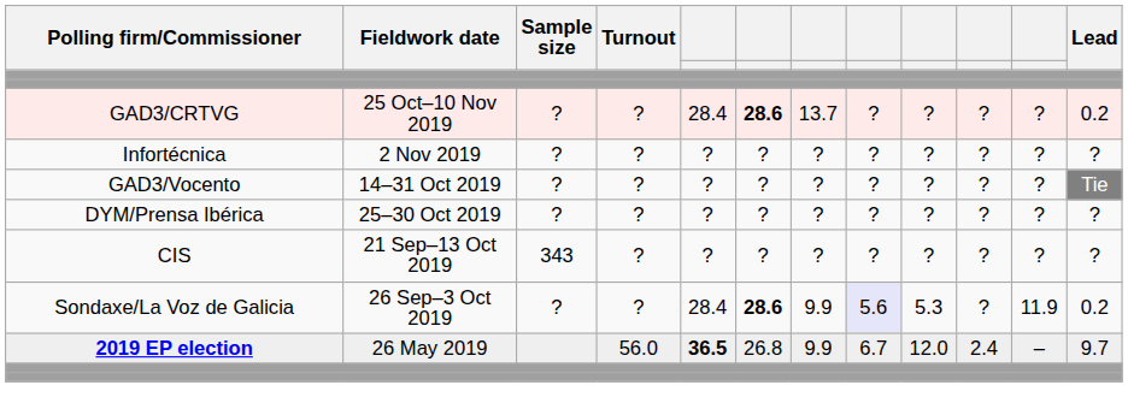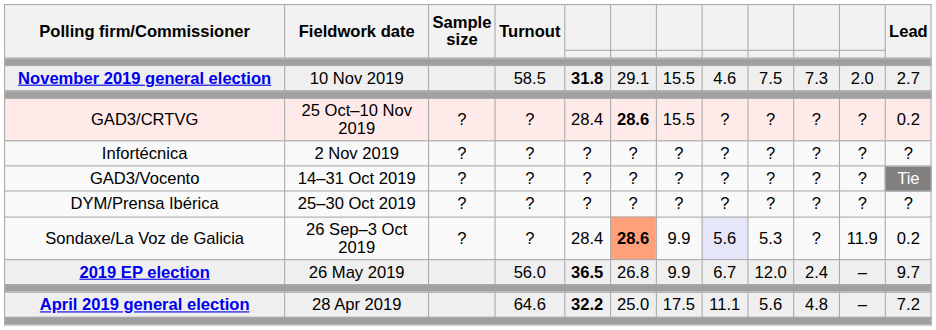 <table class="wikitable collapsible collapsed" style="text-align:center; font-size:95%; line-height:16px;">
 <tr style="height:42px;">
 <th style="width:250px;" rowspan="2">Polling firm/Commissioner</th>
 <th style="width:125px;" rowspan="2">Fieldwork date</th>
 <th style="width:50px;" rowspan="2">Sample size</th>
 <th style="width:45px;" rowspan="2">Turnout</th>
 <th style="width:35px;"></th>
 <th style="width:35px;"></th>
 <th style="width:35px;"></th>
 <th style="width:35px;"></th>
 <th style="width:35px;"></th>
 <th style="width:35px;"></th>
 <th style="width:35px;"></th>
 <th style="width:30px;" rowspan="2">Lead</th>
 </tr>
 <tr>
 <th style="color:inherit;background:"></th>
 <th style="color:inherit;background:"></th>
 <th style="color:inherit;background:"></th>
 <th style="color:inherit;background:"></th>
 <th style="color:inherit;background:"></th>
 <th style="color:inherit;background:"></th>
 <th style="color:inherit;background:"></th>
 </tr>
 <tr>
 <td colspan="12" style="background:#A0A0A0"></td>
 </tr>
+<tr style="background:#EFEFEF;">
+<td><strong><a href='#'>November 2019 general election</a></strong></td>
+<td>10 Nov 2019</td>
+<td></td>
+<td>58.5</td>
+<td><strong>31.8</strong><br></td>
+<td>29.1<br></td>
+<td>15.5<br></td>
+<td>4.6<br></td>
+<td>7.5<br></td>
+<td>7.3<br></td>
+<td>2.0<br></td>
+<td style="background:">2.7</td>
+</tr>
 <tr>
 <td colspan="12" style="background:#A0A0A0"></td>
 </tr>
 <tr style="background:#FFEAEA;">
 <td>GAD3/CRTVG</td>
 <td>25 Oct–10 Nov 2019</td>
 <td>?</td>
 <td>?</td>
 <td>28.4<br></td>
 <td><strong>28.6</strong><br></td>
-<td>13.7<br></td>
+<td>15.5<br></td>
 <td>?<br></td>
 <td>?<br></td>
 <td>?<br></td>
 <td>?<br></td>
 <td style="background:">0.2</td>
 </tr>
 <tr>
 <td>Infortécnica</td>
 <td>2 Nov 2019</td>
 <td>?</td>
 <td>?</td>
 <td>?<br></td>
 <td>?<br></td>
 <td>?<br></td>
 <td>?<br></td>
 <td>?<br></td>
 <td>?<br></td>
 <td>?<br></td>
 <td style="background:">?</td>
 </tr>
 <tr>
 <td>GAD3/Vocento</td>
 <td>14–31 Oct 2019</td>
 <td>?</td>
 <td>?</td>
 <td>?<br></td>
 <td>?<br></td>
 <td>?<br></td>
 <td>?<br></td>
 <td>?<br></td>
 <td>?<br></td>
 <td>?<br></td>
 <td style="background:gray;color:white;">Tie</td>
 </tr>
 <tr>
 <td>DYM/Prensa Ibérica</td>
 <td>25–30 Oct 2019</td>
 <td>?</td>
 <td>?</td>
 <td>?<br></td>
 <td>?<br></td>
 <td>?<br></td>
 <td>?<br></td>
 <td>?<br></td>
 <td>?<br></td>
 <td>?<br></td>
 <td style="background:">?</td>
 </tr>
 <tr>
-<td>CIS</td>
-<td>21 Sep–13 Oct 2019</td>
-<td>343</td>
-<td>?</td>
-<td>?<br></td>
-<td>?<br></td>
-<td>?<br></td>
-<td>?<br></td>
-<td>?<br></td>
-<td>?<br></td>
-<td>?<br></td>
-<td style="background:">?</td>
-</tr>
-<tr>
 <td>Sondaxe/La Voz de Galicia</td>
 <td>26 Sep–3 Oct 2019</td>
 <td>?</td>
 <td>?</td>
 <td>28.4<br></td>
-<td><strong>28.6</strong><br></td>
+<td style="background: lightsalmon;"><strong>28.6</strong><br></td>
 <td>9.9<br></td>
 <td style="background: lavender;">5.6<br></td>
 <td>5.3<br></td>
 <td>?<br></td>
 <td>11.9<br></td>
 <td style="background:">0.2</td>
 </tr>
 <tr style="background:#EFEFEF;">
 <td><strong><a href='#'>2019 EP election</a></strong></td>
 <td>26 May 2019</td>
 <td></td>
 <td>56.0</td>
 <td><strong>36.5</strong><br></td>
 <td>26.8<br></td>
 <td>9.9<br></td>
 <td>6.7<br></td>
 <td>12.0<br></td>
 <td>2.4<br></td>
 <td>–</td>
 <td style="background:">9.7</td>
 </tr>
 <tr>
 <td colspan="12" style="background:#A0A0A0"></td>
 </tr>
+<tr style="background:#EFEFEF;">
+<td><strong><a href='#'>April 2019 general election</a></strong></td>
+<td>28 Apr 2019</td>
+<td></td>
+<td>64.6</td>
+<td><strong>32.2</strong><br></td>
+<td>25.0<br></td>
+<td>17.5<br></td>
+<td>11.1<br></td>
+<td>5.6<br></td>
+<td>4.8<br></td>
+<td>–</td>
+<td style="background:">7.2</td>
+</tr>
 <tr>
 <td colspan="12" style="background:#A0A0A0"></td>
 </tr>
 </table>
